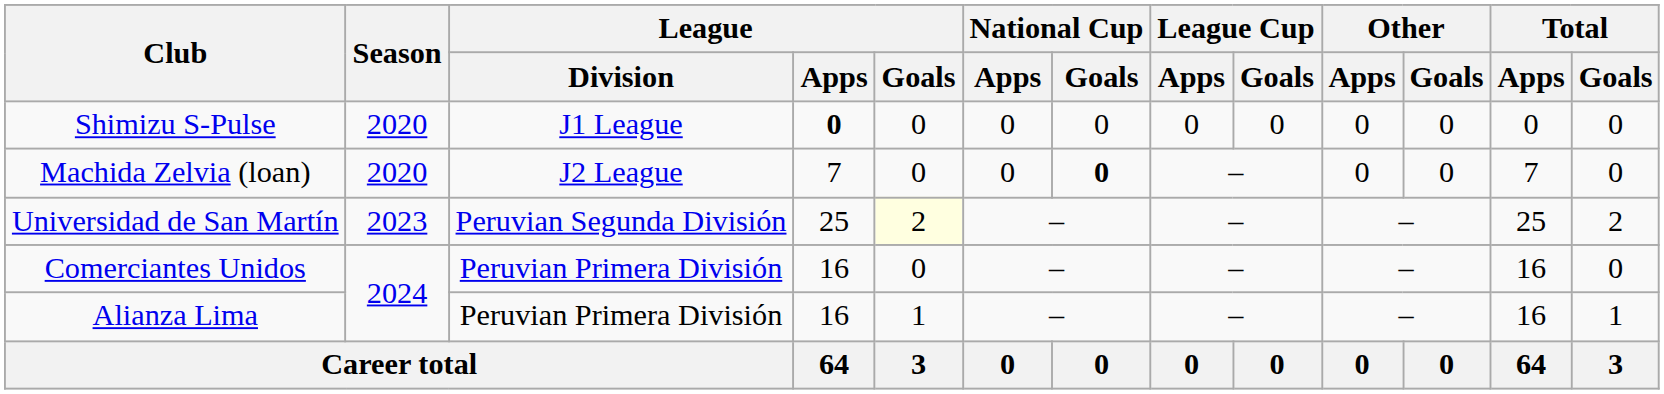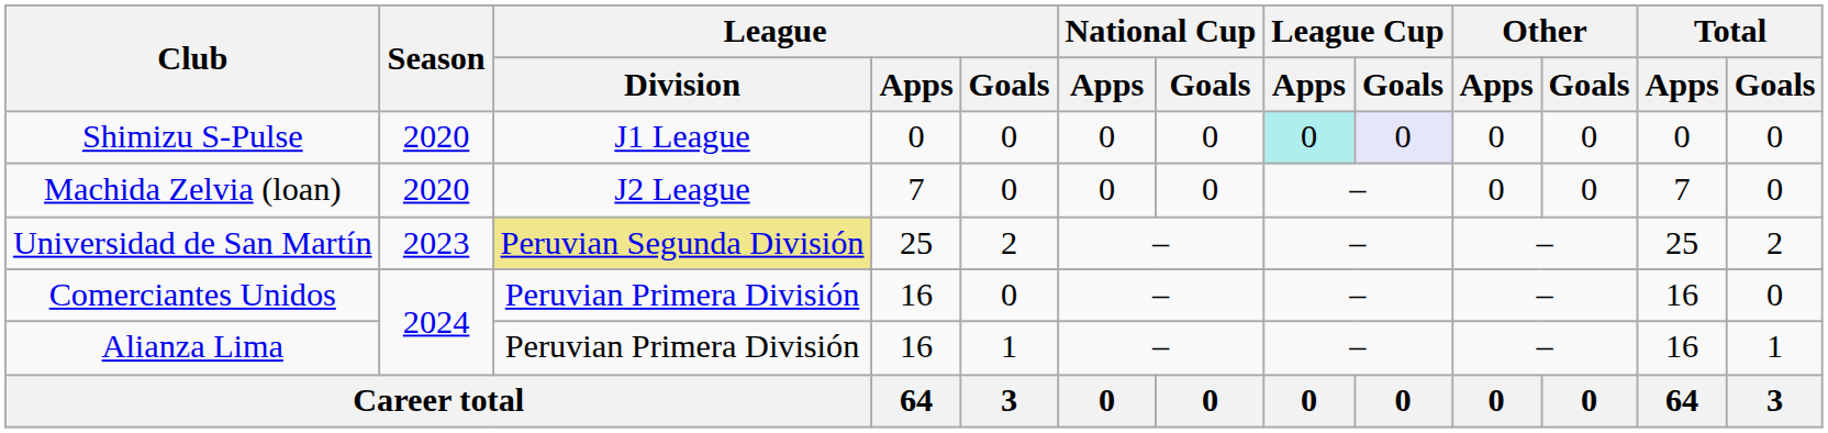 <table class="wikitable" style="text-align: center">
 <tr>
 <th rowspan="2">Club</th>
 <th rowspan="2">Season</th>
 <th colspan="3">League</th>
 <th colspan="2">National Cup</th>
 <th colspan="2">League Cup</th>
 <th colspan="2">Other</th>
 <th colspan="2">Total</th>
 </tr>
 <tr>
 <th>Division</th>
 <th>Apps</th>
 <th>Goals</th>
 <th>Apps</th>
 <th>Goals</th>
 <th>Apps</th>
 <th>Goals</th>
 <th>Apps</th>
 <th>Goals</th>
 <th>Apps</th>
 <th>Goals</th>
 </tr>
 <tr>
 <td><a href='#'>Shimizu S-Pulse</a></td>
 <td><a href='#'>2020</a></td>
 <td><a href='#'>J1 League</a></td>
-<td><strong>0</strong></td>
 <td>0</td>
 <td>0</td>
 <td>0</td>
 <td>0</td>
-<td>0</td>
+<td style="background: paleturquoise;">0</td>
+<td style="background: lavender;">0</td>
 <td>0</td>
 <td>0</td>
 <td>0</td>
 <td>0</td>
 </tr>
 <tr>
 <td><a href='#'>Machida Zelvia</a> (loan)</td>
 <td><a href='#'>2020</a></td>
 <td><a href='#'>J2 League</a></td>
 <td>7</td>
 <td>0</td>
 <td>0</td>
-<td><strong>0</strong></td>
+<td>0</td>
 <td colspan="2">–</td>
 <td>0</td>
 <td>0</td>
 <td>7</td>
 <td>0</td>
 </tr>
 <tr>
 <td><a href='#'>Universidad de San Martín</a></td>
 <td><a href='#'>2023</a></td>
-<td><a href='#'>Peruvian Segunda División</a></td>
+<td style="background: khaki;"><a href='#'>Peruvian Segunda División</a></td>
 <td>25</td>
-<td style="background: lightyellow;">2</td>
+<td>2</td>
 <td colspan="2">–</td>
 <td colspan="2">–</td>
 <td colspan="2">–</td>
 <td>25</td>
 <td>2</td>
 </tr>
 <tr>
 <td><a href='#'>Comerciantes Unidos</a></td>
 <td rowspan="2"><a href='#'>2024</a></td>
 <td><a href='#'>Peruvian Primera División</a></td>
 <td>16</td>
 <td>0</td>
 <td colspan="2">–</td>
 <td colspan="2">–</td>
 <td colspan="2">–</td>
 <td>16</td>
 <td>0</td>
 </tr>
 <tr>
 <td><a href='#'>Alianza Lima</a></td>
 <td>Peruvian Primera División</td>
 <td>16</td>
 <td>1</td>
 <td colspan="2">–</td>
 <td colspan="2">–</td>
 <td colspan="2">–</td>
 <td>16</td>
 <td>1</td>
 </tr>
 <tr>
 <th colspan=3>Career total</th>
 <th>64</th>
 <th>3</th>
 <th>0</th>
 <th>0</th>
 <th>0</th>
 <th>0</th>
 <th>0</th>
 <th>0</th>
 <th>64</th>
 <th>3</th>
 </tr>
 </table>
